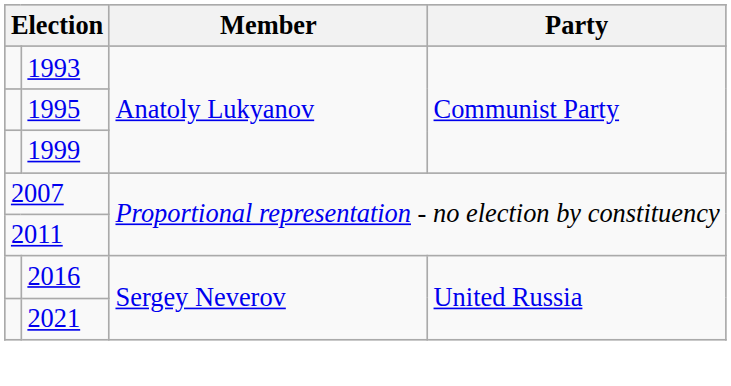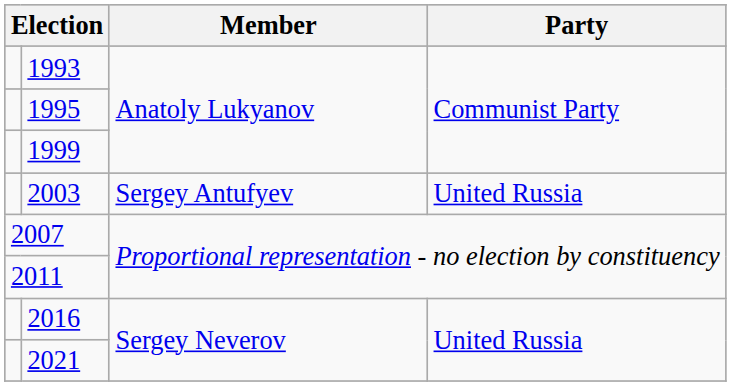 <table class="wikitable">
 <tr>
 <th colspan="2">Election</th>
 <th>Member</th>
 <th>Party</th>
 </tr>
 <tr>
 <td style="background-color:"></td>
 <td><a href='#'>1993</a></td>
 <td rowspan=3><a href='#'>Anatoly Lukyanov</a></td>
 <td rowspan=3><a href='#'>Communist Party</a></td>
 </tr>
 <tr>
 <td style="background-color:"></td>
 <td><a href='#'>1995</a></td>
 </tr>
 <tr>
 <td style="background-color:"></td>
 <td><a href='#'>1999</a></td>
 </tr>
 <tr>
+<td style="background-color:"></td>
+<td><a href='#'>2003</a></td>
+<td><a href='#'>Sergey Antufyev</a></td>
+<td><a href='#'>United Russia</a></td>
+</tr>
+<tr>
 <td colspan=2><a href='#'>2007</a></td>
 <td colspan=2 rowspan=2><em><a href='#'>Proportional representation</a> - no election by constituency</em></td>
 </tr>
 <tr>
 <td colspan=2><a href='#'>2011</a></td>
 </tr>
 <tr>
 <td style="background-color: "></td>
 <td><a href='#'>2016</a></td>
 <td rowspan=2><a href='#'>Sergey Neverov</a></td>
 <td rowspan=2><a href='#'>United Russia</a></td>
 </tr>
 <tr>
 <td style="background-color: "></td>
 <td><a href='#'>2021</a></td>
 </tr>
 </table>
